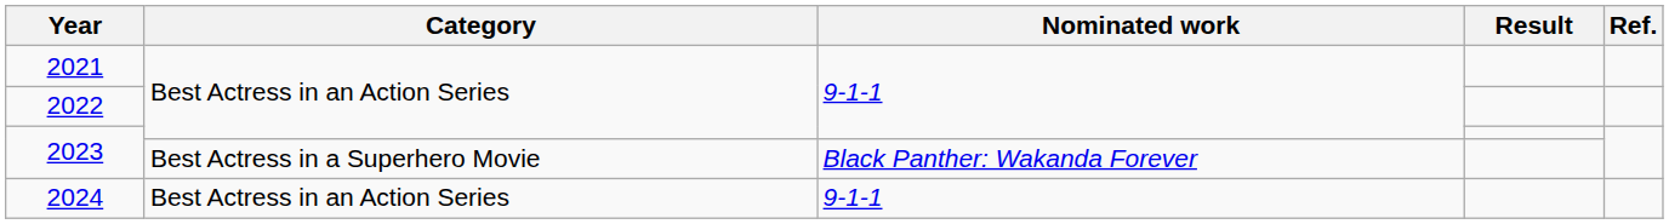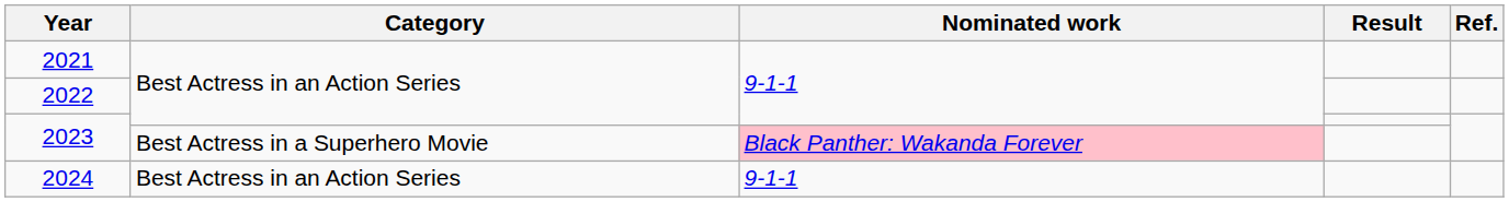 <table class=wikitable>
 <tr>
 <th scope="col" style="width:5em;">Year</th>
 <th scope="col" style="width:26em;">Category</th>
 <th scope="col" style="width:25em;">Nominated work</th>
 <th scope="col" style="width:5em;">Result</th>
 <th>Ref.</th>
 </tr>
 <tr>
 <td style="text-align:center;"><a href='#'>2021</a></td>
 <td rowspan="3">Best Actress in an Action Series</td>
 <td rowspan="3"><em><a href='#'>9-1-1</a></em></td>
 <td></td>
 <td></td>
 </tr>
 <tr>
 <td style="text-align:center;"><a href='#'>2022</a></td>
 <td></td>
 <td></td>
 </tr>
 <tr>
 <td style="text-align:center;", rowspan="2"><a href='#'>2023</a></td>
 <td></td>
 <td rowspan="2"></td>
 </tr>
 <tr>
 <td>Best Actress in a Superhero Movie</td>
-<td><em><a href='#'>Black Panther: Wakanda Forever</a></em></td>
+<td style="background: pink;"><em><a href='#'>Black Panther: Wakanda Forever</a></em></td>
 <td></td>
 </tr>
 <tr>
 <td style="text-align:center;", rowspan="2"><a href='#'>2024</a></td>
 <td rowspan="3">Best Actress in an Action Series</td>
 <td rowspan="3"><em><a href='#'>9-1-1</a></em></td>
 <td></td>
 <td></td>
 </tr>
 </table>
